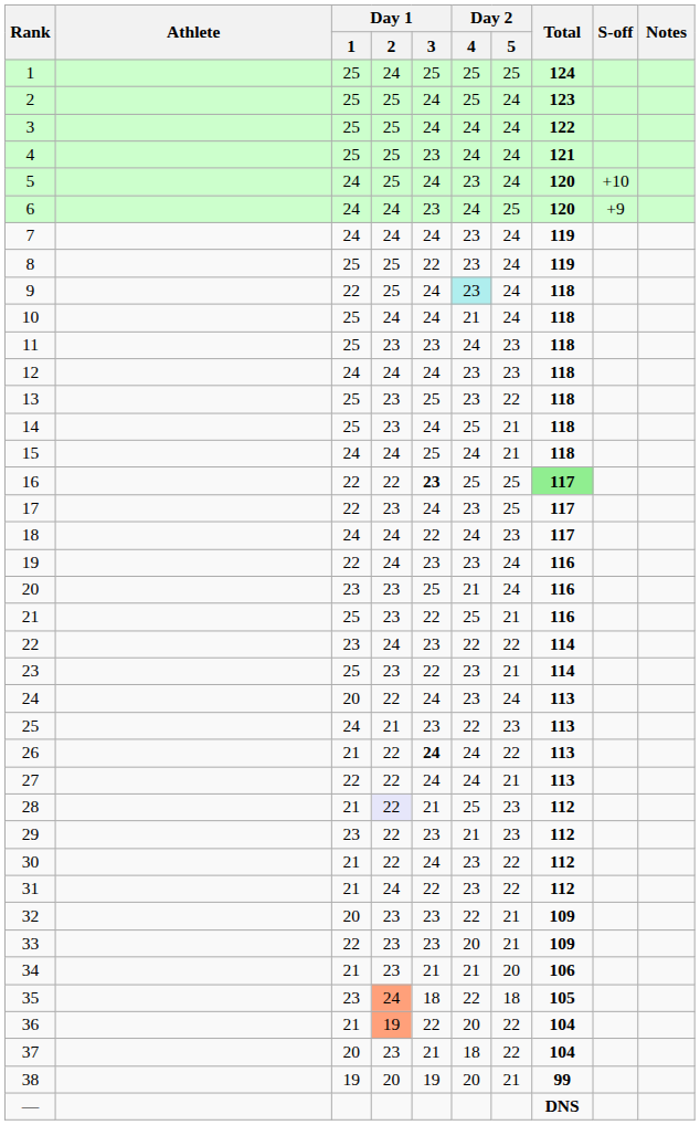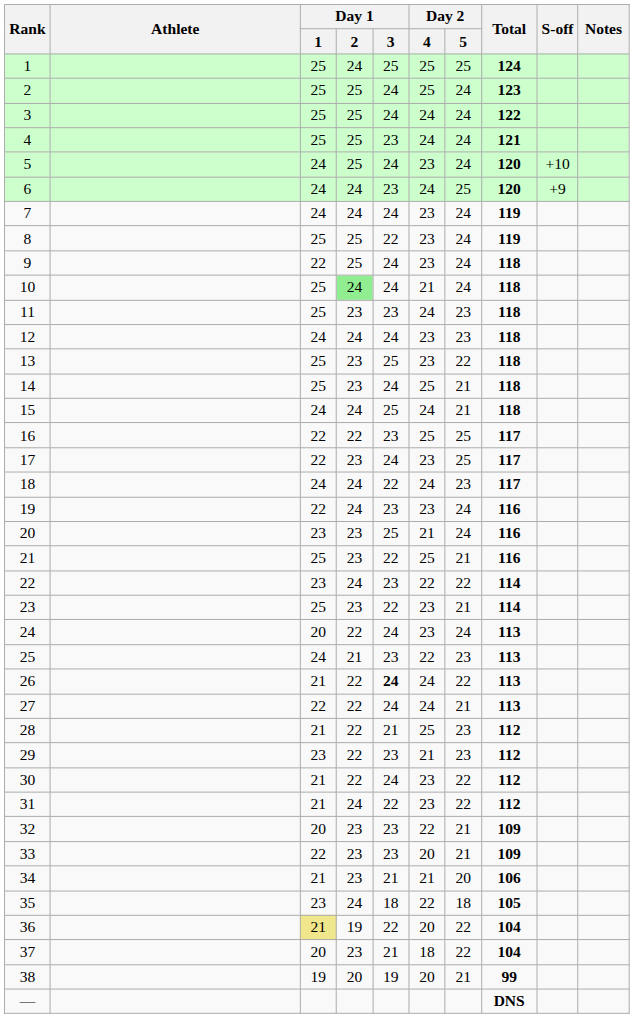 <table class="wikitable" style="text-align:center">
 <tr>
 <th rowspan=2 width=40>Rank</th>
 <th rowspan=2 width=250>Athlete</th>
 <th colspan=3>Day 1</th>
 <th colspan=2>Day 2</th>
 <th rowspan=2 width=50>Total</th>
 <th rowspan=2 width=35>S-off</th>
 <th rowspan=2 width=45>Notes</th>
 </tr>
 <tr>
 <th width=30>1</th>
 <th width=30>2</th>
 <th width=30>3</th>
 <th width=30>4</th>
 <th width=30>5</th>
 </tr>
 <tr bgcolor=ccffcc>
 <td>1</td>
 <td align=left></td>
 <td>25</td>
 <td>24</td>
 <td>25</td>
 <td>25</td>
 <td>25</td>
 <td><strong>124</strong></td>
 <td></td>
 <td></td>
 </tr>
 <tr bgcolor=ccffcc>
 <td>2</td>
 <td align=left></td>
 <td>25</td>
 <td>25</td>
 <td>24</td>
 <td>25</td>
 <td>24</td>
 <td><strong>123</strong></td>
 <td></td>
 <td></td>
 </tr>
 <tr bgcolor=ccffcc>
 <td>3</td>
 <td align=left></td>
 <td>25</td>
 <td>25</td>
 <td>24</td>
 <td>24</td>
 <td>24</td>
 <td><strong>122</strong></td>
 <td></td>
 <td></td>
 </tr>
 <tr bgcolor=ccffcc>
 <td>4</td>
 <td align=left></td>
 <td>25</td>
 <td>25</td>
 <td>23</td>
 <td>24</td>
 <td>24</td>
 <td><strong>121</strong></td>
 <td></td>
 <td></td>
 </tr>
 <tr bgcolor=ccffcc>
 <td>5</td>
 <td align=left></td>
 <td>24</td>
 <td>25</td>
 <td>24</td>
 <td>23</td>
 <td>24</td>
 <td><strong>120</strong></td>
 <td>+10</td>
 <td></td>
 </tr>
 <tr bgcolor=ccffcc>
 <td>6</td>
 <td align=left></td>
 <td>24</td>
 <td>24</td>
 <td>23</td>
 <td>24</td>
 <td>25</td>
 <td><strong>120</strong></td>
 <td>+9</td>
 <td></td>
 </tr>
 <tr>
 <td>7</td>
 <td align=left></td>
 <td>24</td>
 <td>24</td>
 <td>24</td>
 <td>23</td>
 <td>24</td>
 <td><strong>119</strong></td>
 <td></td>
 <td></td>
 </tr>
 <tr>
 <td>8</td>
 <td align=left></td>
 <td>25</td>
 <td>25</td>
 <td>22</td>
 <td>23</td>
 <td>24</td>
 <td><strong>119</strong></td>
 <td></td>
 <td></td>
 </tr>
 <tr>
 <td>9</td>
 <td align=left></td>
 <td>22</td>
 <td>25</td>
 <td>24</td>
-<td style="background: paleturquoise;">23</td>
+<td>23</td>
 <td>24</td>
 <td><strong>118</strong></td>
 <td></td>
 <td></td>
 </tr>
 <tr>
 <td>10</td>
 <td align=left></td>
 <td>25</td>
-<td>24</td>
+<td style="background: lightgreen;">24</td>
 <td>24</td>
 <td>21</td>
 <td>24</td>
 <td><strong>118</strong></td>
 <td></td>
 <td></td>
 </tr>
 <tr>
 <td>11</td>
 <td align=left></td>
 <td>25</td>
 <td>23</td>
 <td>23</td>
 <td>24</td>
 <td>23</td>
 <td><strong>118</strong></td>
 <td></td>
 <td></td>
 </tr>
 <tr>
 <td>12</td>
 <td align=left></td>
 <td>24</td>
 <td>24</td>
 <td>24</td>
 <td>23</td>
 <td>23</td>
 <td><strong>118</strong></td>
 <td></td>
 <td></td>
 </tr>
 <tr>
 <td>13</td>
 <td align=left></td>
 <td>25</td>
 <td>23</td>
 <td>25</td>
 <td>23</td>
 <td>22</td>
 <td><strong>118</strong></td>
 <td></td>
 <td></td>
 </tr>
 <tr>
 <td>14</td>
 <td align=left></td>
 <td>25</td>
 <td>23</td>
 <td>24</td>
 <td>25</td>
 <td>21</td>
 <td><strong>118</strong></td>
 <td></td>
 <td></td>
 </tr>
 <tr>
 <td>15</td>
 <td align=left></td>
 <td>24</td>
 <td>24</td>
 <td>25</td>
 <td>24</td>
 <td>21</td>
 <td><strong>118</strong></td>
 <td></td>
 <td></td>
 </tr>
 <tr>
 <td>16</td>
 <td align=left></td>
 <td>22</td>
 <td>22</td>
-<td><strong>23</strong></td>
+<td>23</td>
 <td>25</td>
 <td>25</td>
-<td style="background: lightgreen;"><strong>117</strong></td>
+<td><strong>117</strong></td>
 <td></td>
 <td></td>
 </tr>
 <tr>
 <td>17</td>
 <td align=left></td>
 <td>22</td>
 <td>23</td>
 <td>24</td>
 <td>23</td>
 <td>25</td>
 <td><strong>117</strong></td>
 <td></td>
 <td></td>
 </tr>
 <tr>
 <td>18</td>
 <td align=left></td>
 <td>24</td>
 <td>24</td>
 <td>22</td>
 <td>24</td>
 <td>23</td>
 <td><strong>117</strong></td>
 <td></td>
 <td></td>
 </tr>
 <tr>
 <td>19</td>
 <td align=left></td>
 <td>22</td>
 <td>24</td>
 <td>23</td>
 <td>23</td>
 <td>24</td>
 <td><strong>116</strong></td>
 <td></td>
 <td></td>
 </tr>
 <tr>
 <td>20</td>
 <td align=left></td>
 <td>23</td>
 <td>23</td>
 <td>25</td>
 <td>21</td>
 <td>24</td>
 <td><strong>116</strong></td>
 <td></td>
 <td></td>
 </tr>
 <tr>
 <td>21</td>
 <td align=left></td>
 <td>25</td>
 <td>23</td>
 <td>22</td>
 <td>25</td>
 <td>21</td>
 <td><strong>116</strong></td>
 <td></td>
 <td></td>
 </tr>
 <tr>
 <td>22</td>
 <td align=left></td>
 <td>23</td>
 <td>24</td>
 <td>23</td>
 <td>22</td>
 <td>22</td>
 <td><strong>114</strong></td>
 <td></td>
 <td></td>
 </tr>
 <tr>
 <td>23</td>
 <td align=left></td>
 <td>25</td>
 <td>23</td>
 <td>22</td>
 <td>23</td>
 <td>21</td>
 <td><strong>114</strong></td>
 <td></td>
 <td></td>
 </tr>
 <tr>
 <td>24</td>
 <td align=left></td>
 <td>20</td>
 <td>22</td>
 <td>24</td>
 <td>23</td>
 <td>24</td>
 <td><strong>113</strong></td>
 <td></td>
 <td></td>
 </tr>
 <tr>
 <td>25</td>
 <td align=left></td>
 <td>24</td>
 <td>21</td>
 <td>23</td>
 <td>22</td>
 <td>23</td>
 <td><strong>113</strong></td>
 <td></td>
 <td></td>
 </tr>
 <tr>
 <td>26</td>
 <td align=left></td>
 <td>21</td>
 <td>22</td>
 <td><strong>24</strong></td>
 <td>24</td>
 <td>22</td>
 <td><strong>113</strong></td>
 <td></td>
 <td></td>
 </tr>
 <tr>
 <td>27</td>
 <td align=left></td>
 <td>22</td>
 <td>22</td>
 <td>24</td>
 <td>24</td>
 <td>21</td>
 <td><strong>113</strong></td>
 <td></td>
 <td></td>
 </tr>
 <tr>
 <td>28</td>
 <td align=left></td>
 <td>21</td>
-<td style="background: lavender;">22</td>
+<td>22</td>
 <td>21</td>
 <td>25</td>
 <td>23</td>
 <td><strong>112</strong></td>
 <td></td>
 <td></td>
 </tr>
 <tr>
 <td>29</td>
 <td align=left></td>
 <td>23</td>
 <td>22</td>
 <td>23</td>
 <td>21</td>
 <td>23</td>
 <td><strong>112</strong></td>
 <td></td>
 <td></td>
 </tr>
 <tr>
 <td>30</td>
 <td align=left></td>
 <td>21</td>
 <td>22</td>
 <td>24</td>
 <td>23</td>
 <td>22</td>
 <td><strong>112</strong></td>
 <td></td>
 <td></td>
 </tr>
 <tr>
 <td>31</td>
 <td align=left></td>
 <td>21</td>
 <td>24</td>
 <td>22</td>
 <td>23</td>
 <td>22</td>
 <td><strong>112</strong></td>
 <td></td>
 <td></td>
 </tr>
 <tr>
 <td>32</td>
 <td align=left></td>
 <td>20</td>
 <td>23</td>
 <td>23</td>
 <td>22</td>
 <td>21</td>
 <td><strong>109</strong></td>
 <td></td>
 <td></td>
 </tr>
 <tr>
 <td>33</td>
 <td align=left></td>
 <td>22</td>
 <td>23</td>
 <td>23</td>
 <td>20</td>
 <td>21</td>
 <td><strong>109</strong></td>
 <td></td>
 <td></td>
 </tr>
 <tr>
 <td>34</td>
 <td align=left></td>
 <td>21</td>
 <td>23</td>
 <td>21</td>
 <td>21</td>
 <td>20</td>
 <td><strong>106</strong></td>
 <td></td>
 <td></td>
 </tr>
 <tr>
 <td>35</td>
 <td align=left></td>
 <td>23</td>
-<td style="background: lightsalmon;">24</td>
+<td>24</td>
 <td>18</td>
 <td>22</td>
 <td>18</td>
 <td><strong>105</strong></td>
 <td></td>
 <td></td>
 </tr>
 <tr>
 <td>36</td>
 <td align=left></td>
-<td>21</td>
-<td style="background: lightsalmon;">19</td>
+<td style="background: khaki;">21</td>
+<td>19</td>
 <td>22</td>
 <td>20</td>
 <td>22</td>
 <td><strong>104</strong></td>
 <td></td>
 <td></td>
 </tr>
 <tr>
 <td>37</td>
 <td align=left></td>
 <td>20</td>
 <td>23</td>
 <td>21</td>
 <td>18</td>
 <td>22</td>
 <td><strong>104</strong></td>
 <td></td>
 <td></td>
 </tr>
 <tr>
 <td>38</td>
 <td align=left></td>
 <td>19</td>
 <td>20</td>
 <td>19</td>
 <td>20</td>
 <td>21</td>
 <td><strong>99</strong></td>
 <td></td>
 <td></td>
 </tr>
 <tr>
 <td>—</td>
 <td align=left></td>
 <td></td>
 <td></td>
 <td></td>
 <td></td>
 <td></td>
 <td><strong>DNS</strong></td>
 <td></td>
 <td></td>
 </tr>
 </table>
